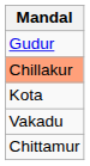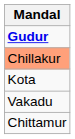 <table class="wikitable sortable static-row-numbers static-row-header-hash">
 <tr>
 <th>Mandal</th>
 </tr>
 <tr>
-<td><a href='#'>Gudur</a></td>
+<td><strong><a href='#'>Gudur</a></strong></td>
 </tr>
 <tr>
 <td style="background: lightsalmon;">Chillakur</td>
 </tr>
 <tr>
 <td>Kota</td>
 </tr>
 <tr>
 <td>Vakadu</td>
 </tr>
 <tr>
 <td>Chittamur</td>
 </tr>
 </table>
